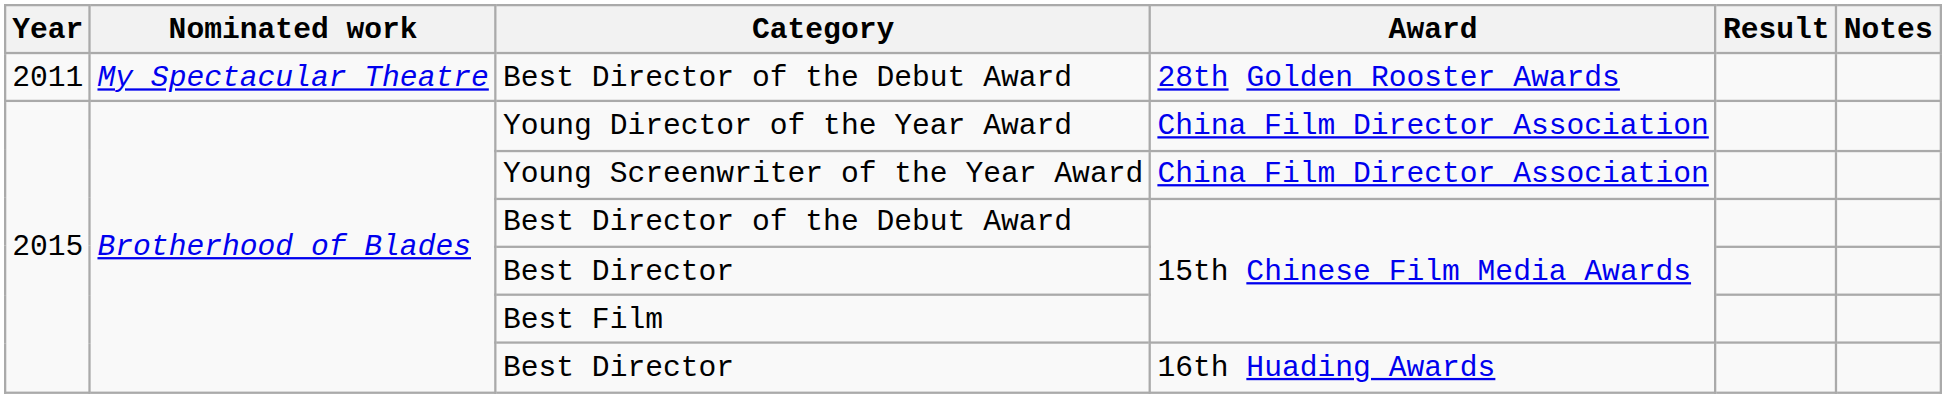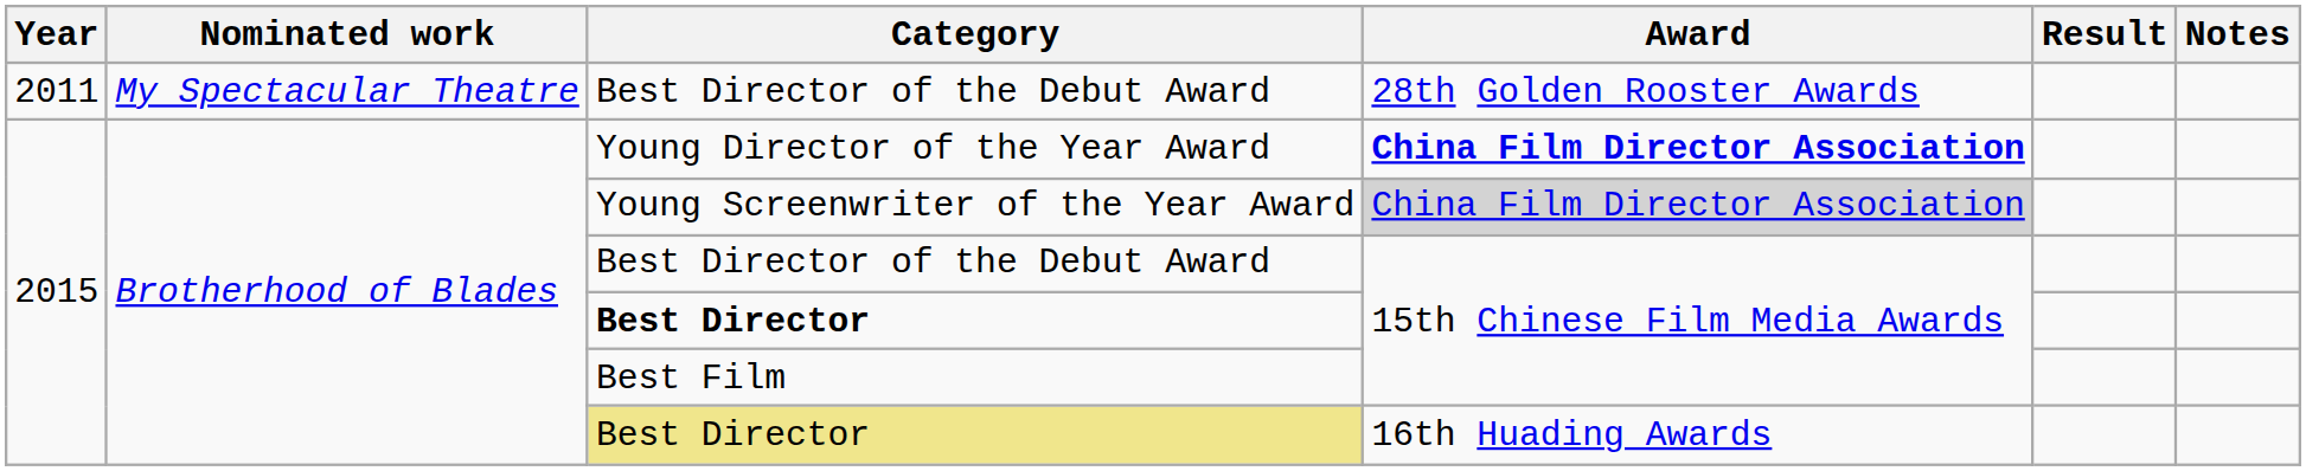 <table class="wikitable">
 <tr>
 <th>Year</th>
 <th>Nominated work</th>
 <th>Category</th>
 <th>Award</th>
 <th>Result</th>
 <th>Notes</th>
 </tr>
 <tr>
 <td>2011</td>
 <td><em><a href='#'>My Spectacular Theatre</a></em></td>
 <td>Best Director of the Debut Award</td>
 <td><a href='#'>28th</a> <a href='#'>Golden Rooster Awards</a></td>
 <td></td>
 <td></td>
 </tr>
 <tr>
 <td rowspan="6">2015</td>
 <td rowspan="6"><em><a href='#'>Brotherhood of Blades</a></em></td>
 <td>Young Director of the Year Award</td>
-<td><a href='#'>China Film Director Association</a></td>
+<td><strong><a href='#'>China Film Director Association</a></strong></td>
 <td></td>
 <td></td>
 </tr>
 <tr>
 <td>Young Screenwriter of the Year Award</td>
-<td><a href='#'>China Film Director Association</a></td>
+<td style="background: lightgrey;"><a href='#'>China Film Director Association</a></td>
 <td></td>
 <td></td>
 </tr>
 <tr>
 <td>Best Director of the Debut Award</td>
 <td rowspan="3">15th <a href='#'>Chinese Film Media Awards</a></td>
 <td></td>
 <td></td>
 </tr>
 <tr>
-<td>Best Director</td>
+<td><strong>Best Director</strong></td>
 <td></td>
 <td></td>
 </tr>
 <tr>
 <td>Best Film</td>
 <td></td>
 <td></td>
 </tr>
 <tr>
-<td>Best Director</td>
+<td style="background: khaki;">Best Director</td>
 <td>16th <a href='#'>Huading Awards</a></td>
 <td></td>
 <td></td>
 </tr>
 </table>
